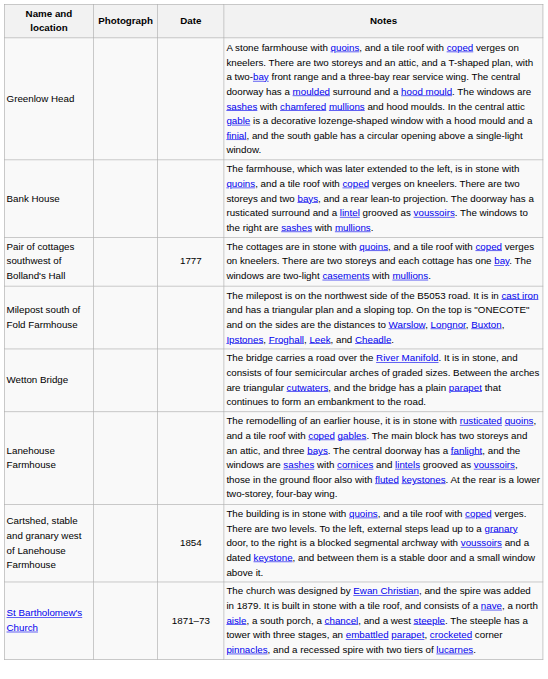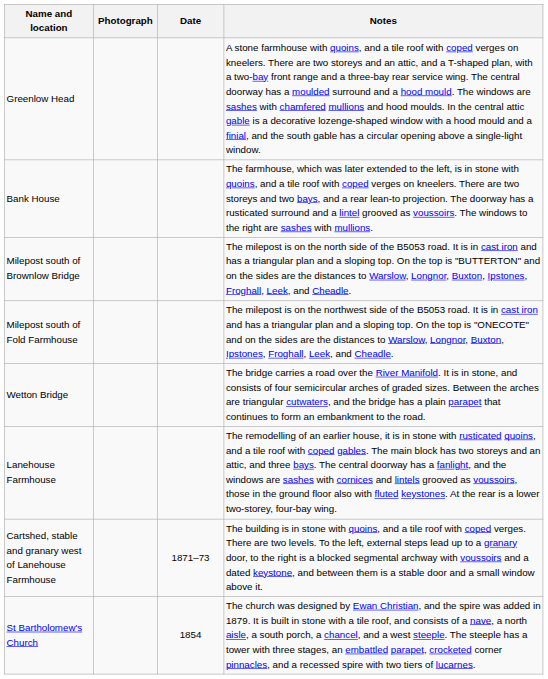 <table class="wikitable sortable plainrowheaders" style="width:100%;border:0px;text-align:left;line-height:150%;">
 <tr>
 <th scope="col"  style="width:150px">Name and location</th>
 <th scope="col"  style="width:100px" class="unsortable">Photograph</th>
 <th scope="col"  style="width:120px">Date</th>
 <th scope="col"  style="width:650px" class="unsortable">Notes</th>
 </tr>
 <tr>
 <td>Greenlow Head<br><small></small></td>
 <td></td>
 <td align="center"></td>
 <td>A stone farmhouse with <a href='#'>quoins</a>, and a tile roof with <a href='#'>coped</a> verges on kneelers.  There are two storeys and an attic, and a T-shaped plan, with a two-<a href='#'>bay</a> front range and a three-bay rear service wing.  The central doorway has a <a href='#'>moulded</a> surround and a <a href='#'>hood mould</a>.  The windows are <a href='#'>sashes</a> with <a href='#'>chamfered</a> <a href='#'>mullions</a> and hood moulds.  In the central attic <a href='#'>gable</a> is a decorative lozenge-shaped window with a hood mould and a <a href='#'>finial</a>, and the south gable has a circular opening above a single-light window.</td>
 </tr>
 <tr>
 <td>Bank House<br><small></small></td>
 <td></td>
 <td align="center"></td>
 <td>The farmhouse, which was later extended to the left, is in stone with <a href='#'>quoins</a>, and a tile roof with <a href='#'>coped</a> verges on kneelers.  There are two storeys and two <a href='#'>bays</a>, and a rear lean-to projection.  The doorway has a rusticated surround and a <a href='#'>lintel</a> grooved as <a href='#'>voussoirs</a>.  The windows to the right are <a href='#'>sashes</a> with <a href='#'>mullions</a>.</td>
 </tr>
 <tr>
-<td>Pair of cottages southwest of Bolland's Hall<br><small></small></td>
+<td>Milepost south of Brownlow Bridge<br><small></small></td>
 <td></td>
-<td align="center">1777</td>
-<td>The cottages are in stone with <a href='#'>quoins</a>, and a tile roof with <a href='#'>coped</a> verges on kneelers.  There are two storeys and each cottage has one <a href='#'>bay</a>.  The windows are two-light <a href='#'>casements</a> with <a href='#'>mullions</a>.</td>
+<td align="center"></td>
+<td>The milepost is on the north side of the B5053 road.  It is in <a href='#'>cast iron</a> and has a triangular plan and a sloping top.  On the top is "BUTTERTON" and on the sides are the distances to <a href='#'>Warslow</a>, <a href='#'>Longnor</a>, <a href='#'>Buxton</a>, <a href='#'>Ipstones</a>, <a href='#'>Froghall</a>, <a href='#'>Leek</a>, and <a href='#'>Cheadle</a>.</td>
 </tr>
 <tr>
 <td>Milepost south of Fold Farmhouse<br><small></small></td>
 <td></td>
 <td align="center"></td>
 <td>The milepost is on the northwest side of the B5053 road.  It is in <a href='#'>cast iron</a> and has a triangular plan and a sloping top.  On the top is "ONECOTE" and on the sides are the distances to <a href='#'>Warslow</a>, <a href='#'>Longnor</a>, <a href='#'>Buxton</a>, <a href='#'>Ipstones</a>, <a href='#'>Froghall</a>, <a href='#'>Leek</a>, and <a href='#'>Cheadle</a>.</td>
 </tr>
 <tr>
 <td>Wetton Bridge<br><small></small></td>
 <td></td>
 <td align="center"></td>
 <td>The bridge carries a road over the <a href='#'>River Manifold</a>.  It is in stone, and consists of four semicircular arches of graded sizes.  Between the arches are triangular <a href='#'>cutwaters</a>, and the bridge has a plain <a href='#'>parapet</a> that continues to form an embankment to the road.</td>
 </tr>
 <tr>
 <td>Lanehouse Farmhouse<br><small></small></td>
 <td></td>
 <td align="center"></td>
 <td>The remodelling of an earlier house, it is in stone with <a href='#'>rusticated</a> <a href='#'>quoins</a>, and a tile roof with <a href='#'>coped</a> <a href='#'>gables</a>.  The main block has two storeys and an attic, and three <a href='#'>bays</a>.  The central doorway has a <a href='#'>fanlight</a>, and the windows are <a href='#'>sashes</a> with <a href='#'>cornices</a> and <a href='#'>lintels</a> grooved as <a href='#'>voussoirs</a>, those in the ground floor also with <a href='#'>fluted</a> <a href='#'>keystones</a>.  At the rear is a lower two-storey, four-bay wing.</td>
 </tr>
 <tr>
 <td>Cartshed, stable and granary west of Lanehouse Farmhouse<br><small></small></td>
 <td></td>
-<td align="center">1854</td>
+<td align="center">1871–73</td>
 <td>The building is in stone with <a href='#'>quoins</a>, and a tile roof with <a href='#'>coped</a> verges.  There are two levels.  To the left, external steps lead up to a <a href='#'>granary</a> door, to the right is a blocked segmental archway with <a href='#'>voussoirs</a> and a dated <a href='#'>keystone</a>, and between them is a stable door and a small window above it.</td>
 </tr>
 <tr>
 <td><a href='#'>St Bartholomew's Church</a><br><small></small></td>
 <td></td>
-<td align="center">1871–73</td>
+<td align="center">1854</td>
 <td>The church was designed by <a href='#'>Ewan Christian</a>, and the spire was added in 1879.  It is built in stone with a tile roof, and consists of a <a href='#'>nave</a>, a north <a href='#'>aisle</a>, a south porch, a <a href='#'>chancel</a>, and a west <a href='#'>steeple</a>.  The steeple has a tower with three stages, an <a href='#'>embattled</a> <a href='#'>parapet</a>, <a href='#'>crocketed</a> corner <a href='#'>pinnacles</a>, and a recessed spire with two tiers of <a href='#'>lucarnes</a>.</td>
 </tr>
 <tr>
 </tr>
 </table>
